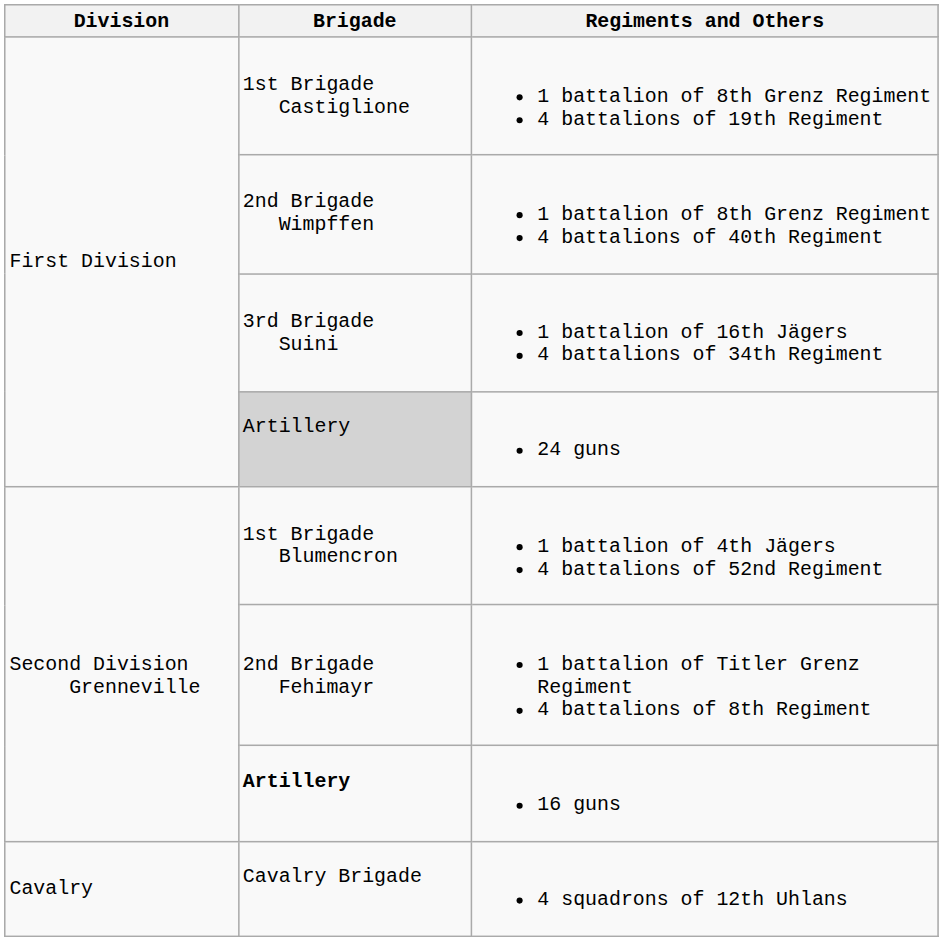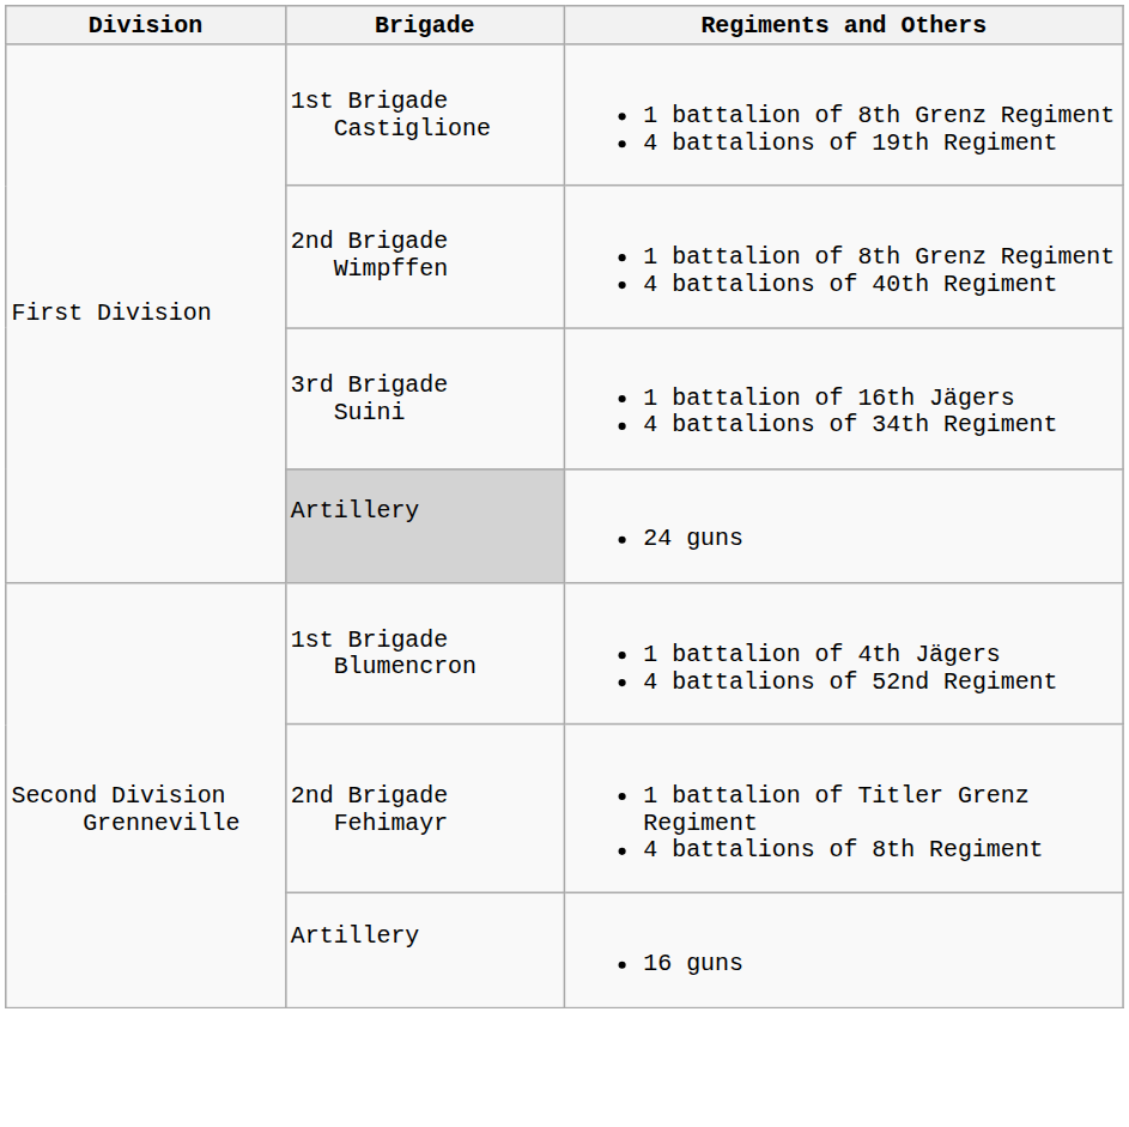 <table class="wikitable">
 <tr>
 <th width=25%>Division</th>
 <th width=25%>Brigade</th>
 <th>Regiments and Others</th>
 </tr>
 <tr>
 <td rowspan=4><br>First Division <br>    </td>
 <td>1st Brigade<br>   Castiglione</td>
 <td><br><ul><li>1 battalion of 8th Grenz Regiment</li><li>4 battalions of 19th Regiment</li></ul></td>
 </tr>
 <tr>
 <td>2nd Brigade<br>   Wimpffen</td>
 <td><br><ul><li>1 battalion of 8th Grenz Regiment</li><li>4 battalions of 40th Regiment</li></ul></td>
 </tr>
 <tr>
 <td>3rd Brigade<br>   Suini</td>
 <td><br><ul><li>1 battalion of 16th Jägers</li><li>4 battalions of 34th Regiment</li></ul></td>
 </tr>
 <tr>
 <td style="background: lightgrey;">Artillery<br>  </td>
 <td><br><ul><li>24 guns</li></ul></td>
 </tr>
 <tr>
 <td rowspan=3><br>Second Division <br>     Grenneville</td>
 <td>1st Brigade<br>   Blumencron</td>
 <td><br><ul><li>1 battalion of 4th Jägers</li><li>4 battalions of 52nd Regiment</li></ul></td>
 </tr>
 <tr>
 <td>2nd Brigade<br>   Fehimayr</td>
 <td><br><ul><li>1 battalion of Titler Grenz Regiment</li><li>4 battalions of 8th Regiment</li></ul></td>
 </tr>
 <tr>
-<td><strong>Artillery<br>  </strong></td>
+<td>Artillery<br>  </td>
 <td><br><ul><li>16 guns</li></ul></td>
-</tr>
-<tr>
-<td rowspan=1><br>Cavalry <br>    </td>
-<td>Cavalry Brigade<br>  </td>
-<td><br><ul><li>4 squadrons of 12th Uhlans</li></ul></td>
 </tr>
 <tr>
 </tr>
 </table>
